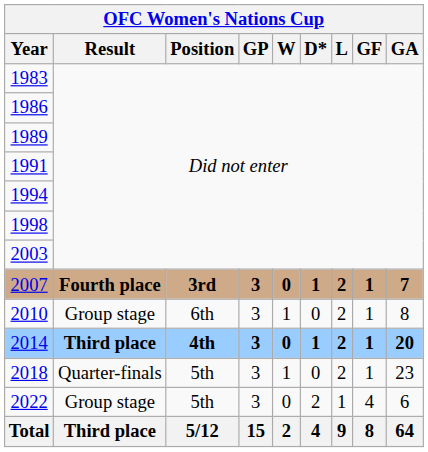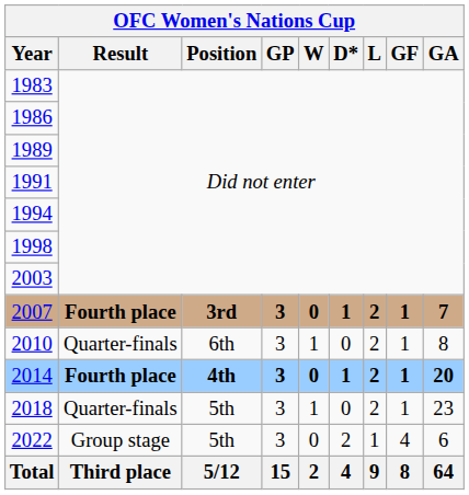 <table class="wikitable" style="text-align: center;">
 <tr>
 <th colspan=10><a href='#'>OFC Women's Nations Cup</a></th>
 </tr>
 <tr>
 <th>Year</th>
 <th>Result</th>
 <th>Position</th>
 <th>GP</th>
 <th>W</th>
 <th>D*</th>
 <th>L</th>
 <th>GF</th>
 <th>GA</th>
 </tr>
 <tr>
 <td> <a href='#'>1983</a></td>
 <td colspan=8 rowspan=7><em>Did not enter</em></td>
 </tr>
 <tr>
 <td> <a href='#'>1986</a></td>
 </tr>
 <tr>
 <td> <a href='#'>1989</a></td>
 </tr>
 <tr>
 <td> <a href='#'>1991</a></td>
 </tr>
 <tr>
 <td> <a href='#'>1994</a></td>
 </tr>
 <tr>
 <td> <a href='#'>1998</a></td>
 </tr>
 <tr>
 <td> <a href='#'>2003</a></td>
 </tr>
 <tr bgcolor=cfaa88>
 <td> <a href='#'>2007</a></td>
 <td><strong>Fourth place</strong></td>
 <td><strong>3rd</strong></td>
 <td><strong>3</strong></td>
 <td><strong>0</strong></td>
 <td><strong>1</strong></td>
 <td><strong>2</strong></td>
 <td><strong>1</strong></td>
 <td><strong>7</strong></td>
 </tr>
 <tr>
 <td> <a href='#'>2010</a></td>
-<td>Group stage</td>
+<td>Quarter-finals</td>
 <td>6th</td>
 <td>3</td>
 <td>1</td>
 <td>0</td>
 <td>2</td>
 <td>1</td>
 <td>8</td>
 </tr>
 <tr style="background:#9acdff;">
 <td> <a href='#'>2014</a></td>
-<td><strong>Third place</strong></td>
+<td><strong>Fourth place</strong></td>
 <td><strong>4th</strong></td>
 <td><strong>3</strong></td>
 <td><strong>0</strong></td>
 <td><strong>1</strong></td>
 <td><strong>2</strong></td>
 <td><strong>1</strong></td>
 <td><strong>20</strong></td>
 </tr>
 <tr>
 <td> <a href='#'>2018</a></td>
 <td>Quarter-finals</td>
 <td>5th</td>
 <td>3</td>
 <td>1</td>
 <td>0</td>
 <td>2</td>
 <td>1</td>
 <td>23</td>
 </tr>
 <tr>
 <td> <a href='#'>2022</a></td>
 <td>Group stage</td>
 <td>5th</td>
 <td>3</td>
 <td>0</td>
 <td>2</td>
 <td>1</td>
 <td>4</td>
 <td>6</td>
 </tr>
 <tr>
 <th><strong>Total</strong></th>
 <th>Third place</th>
 <th>5/12</th>
 <th>15</th>
 <th>2</th>
 <th>4</th>
 <th>9</th>
 <th>8</th>
 <th>64</th>
 </tr>
 </table>
